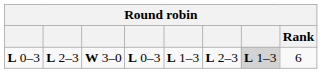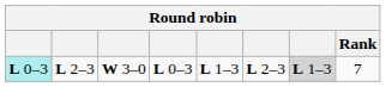 <table class="wikitable" style="font-size:100%;">
 <tr>
 <th colspan=8>Round robin</th>
 </tr>
 <tr>
 <th></th>
 <th></th>
 <th></th>
 <th></th>
 <th></th>
 <th></th>
 <th></th>
 <th>Rank</th>
 </tr>
 <tr align=center>
-<td><strong>L</strong> 0–3</td>
+<td style="background: paleturquoise;"><strong>L</strong> 0–3</td>
 <td><strong>L</strong> 2–3</td>
 <td><strong>W</strong> 3–0</td>
 <td><strong>L</strong> 0–3</td>
 <td><strong>L</strong> 1–3</td>
 <td><strong>L</strong> 2–3</td>
 <td style="background: lightgrey;"><strong>L</strong> 1–3</td>
-<td>6</td>
+<td>7</td>
 </tr>
 </table>
